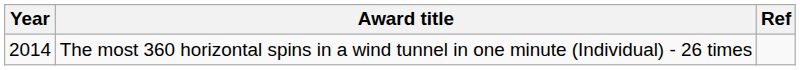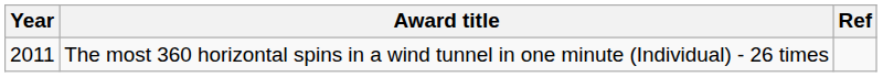 <table class="wikitable sortable">
 <tr>
 <th>Year</th>
 <th>Award title</th>
 <th>Ref</th>
 </tr>
 <tr>
-<td>2014</td>
+<td>2011</td>
 <td>The most 360 horizontal spins in a wind tunnel in one minute (Individual) - 26 times</td>
 <td></td>
 </tr>
 </table>
